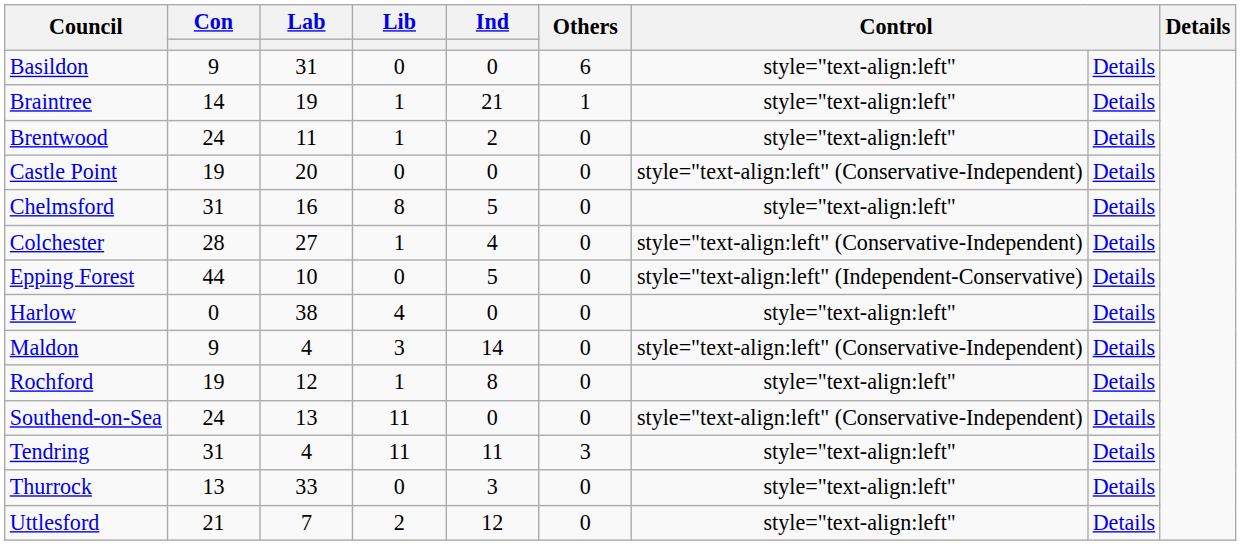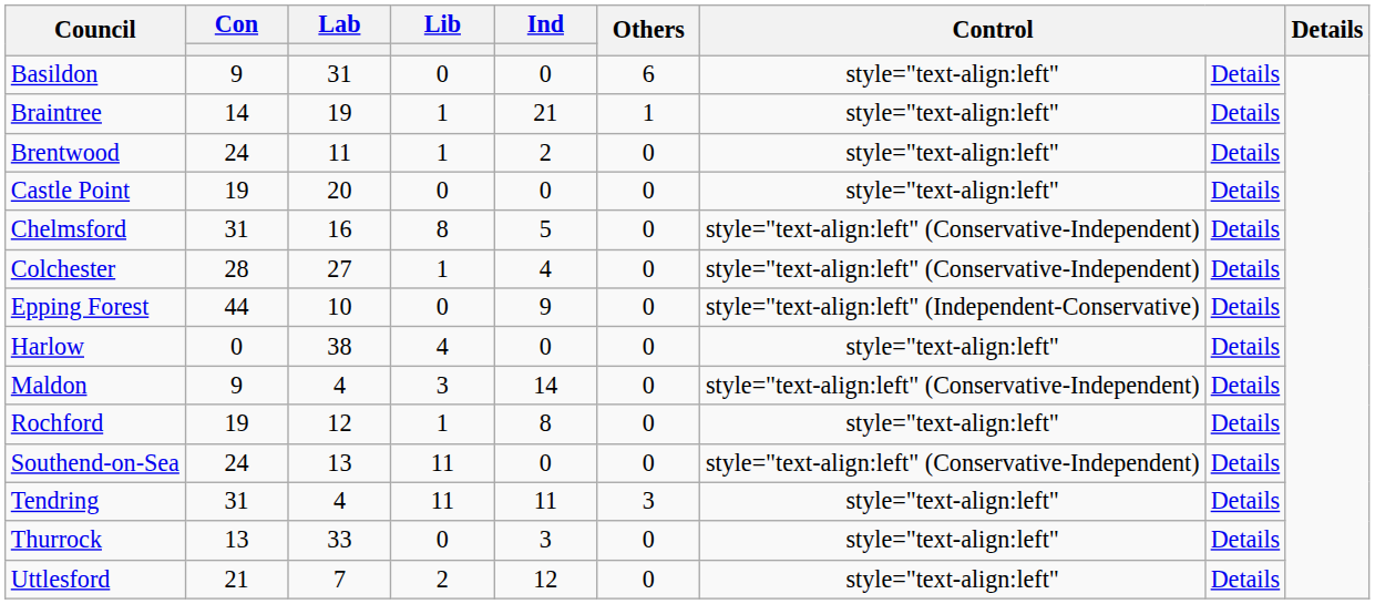 <table class="wikitable" style="text-align:center;">
 <tr>
 <th rowspan=2>Council</th>
 <th style="width:60px;"><a href='#'>Con</a></th>
 <th style="width:60px;"><a href='#'>Lab</a></th>
 <th style="width:60px;"><a href='#'>Lib</a></th>
 <th style="width:60px;"><a href='#'>Ind</a></th>
 <th style="width:60px;" rowspan=2>Others</th>
 <th rowspan=2 colspan=2>Control</th>
 <th rowspan=2>Details</th>
 </tr>
 <tr>
 <th style="background:"></th>
 <th style="background:"></th>
 <th style="background:"></th>
 <th style="background:"></th>
 </tr>
 <tr>
 <td style="text-align:left"><a href='#'>Basildon</a></td>
 <td>9</td>
 <td>31</td>
 <td>0</td>
 <td>0</td>
 <td>6</td>
 <td>style="text-align:left" </td>
 <td style="text-align:left"><a href='#'>Details</a></td>
 </tr>
 <tr>
 <td style="text-align:left"><a href='#'>Braintree</a></td>
 <td>14</td>
 <td>19</td>
 <td>1</td>
 <td>21</td>
 <td>1</td>
 <td>style="text-align:left" </td>
 <td style="text-align:left"><a href='#'>Details</a></td>
 </tr>
 <tr>
 <td style="text-align:left"><a href='#'>Brentwood</a></td>
 <td>24</td>
 <td>11</td>
 <td>1</td>
 <td>2</td>
 <td>0</td>
 <td>style="text-align:left" </td>
 <td style="text-align:left"><a href='#'>Details</a></td>
 </tr>
 <tr>
 <td style="text-align:left"><a href='#'>Castle Point</a></td>
 <td>19</td>
 <td>20</td>
 <td>0</td>
 <td>0</td>
 <td>0</td>
-<td>style="text-align:left"  (Conservative-Independent)</td>
+<td>style="text-align:left" </td>
 <td style="text-align:left"><a href='#'>Details</a></td>
 </tr>
 <tr>
 <td style="text-align:left"><a href='#'>Chelmsford</a></td>
 <td>31</td>
 <td>16</td>
 <td>8</td>
 <td>5</td>
 <td>0</td>
-<td>style="text-align:left" </td>
+<td>style="text-align:left"  (Conservative-Independent)</td>
 <td style="text-align:left"><a href='#'>Details</a></td>
 </tr>
 <tr>
 <td style="text-align:left"><a href='#'>Colchester</a></td>
 <td>28</td>
 <td>27</td>
 <td>1</td>
 <td>4</td>
 <td>0</td>
 <td>style="text-align:left"  (Conservative-Independent)</td>
 <td style="text-align:left"><a href='#'>Details</a></td>
 </tr>
 <tr>
 <td style="text-align:left"><a href='#'>Epping Forest</a></td>
 <td>44</td>
 <td>10</td>
 <td>0</td>
-<td>5</td>
+<td>9</td>
 <td>0</td>
 <td>style="text-align:left"  (Independent-Conservative)</td>
 <td style="text-align:left"><a href='#'>Details</a></td>
 </tr>
 <tr>
 <td style="text-align:left"><a href='#'>Harlow</a></td>
 <td>0</td>
 <td>38</td>
 <td>4</td>
 <td>0</td>
 <td>0</td>
 <td>style="text-align:left" </td>
 <td style="text-align:left"><a href='#'>Details</a></td>
 </tr>
 <tr>
 <td style="text-align:left"><a href='#'>Maldon</a></td>
 <td>9</td>
 <td>4</td>
 <td>3</td>
 <td>14</td>
 <td>0</td>
 <td>style="text-align:left"  (Conservative-Independent)</td>
 <td style="text-align:left"><a href='#'>Details</a></td>
 </tr>
 <tr>
 <td style="text-align:left"><a href='#'>Rochford</a></td>
 <td>19</td>
 <td>12</td>
 <td>1</td>
 <td>8</td>
 <td>0</td>
 <td>style="text-align:left" </td>
 <td style="text-align:left"><a href='#'>Details</a></td>
 </tr>
 <tr>
 <td style="text-align:left"><a href='#'>Southend-on-Sea</a></td>
 <td>24</td>
 <td>13</td>
 <td>11</td>
 <td>0</td>
 <td>0</td>
 <td>style="text-align:left"  (Conservative-Independent)</td>
 <td style="text-align:left"><a href='#'>Details</a></td>
 </tr>
 <tr>
 <td style="text-align:left"><a href='#'>Tendring</a></td>
 <td>31</td>
 <td>4</td>
 <td>11</td>
 <td>11</td>
 <td>3</td>
 <td>style="text-align:left" </td>
 <td style="text-align:left"><a href='#'>Details</a></td>
 </tr>
 <tr>
 <td style="text-align:left"><a href='#'>Thurrock</a></td>
 <td>13</td>
 <td>33</td>
 <td>0</td>
 <td>3</td>
 <td>0</td>
 <td>style="text-align:left" </td>
 <td style="text-align:left"><a href='#'>Details</a></td>
 </tr>
 <tr>
 <td style="text-align:left"><a href='#'>Uttlesford</a></td>
 <td>21</td>
 <td>7</td>
 <td>2</td>
 <td>12</td>
 <td>0</td>
 <td>style="text-align:left" </td>
 <td style="text-align:left"><a href='#'>Details</a></td>
 </tr>
 </table>
